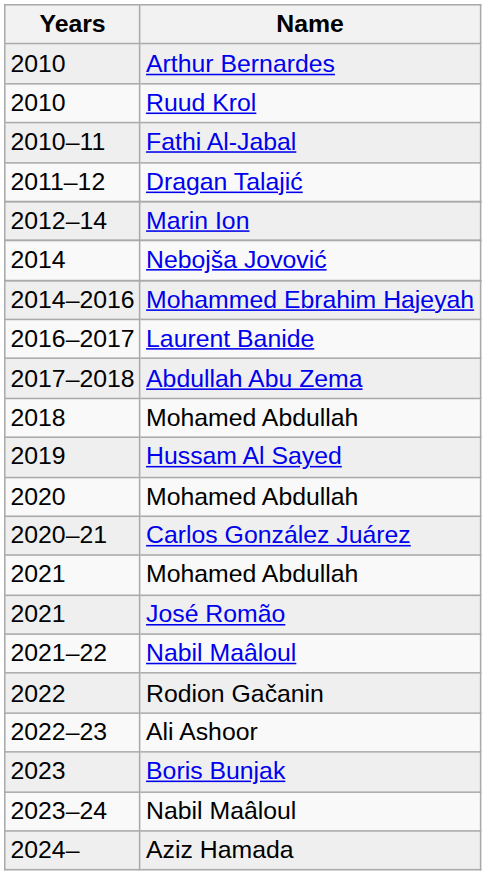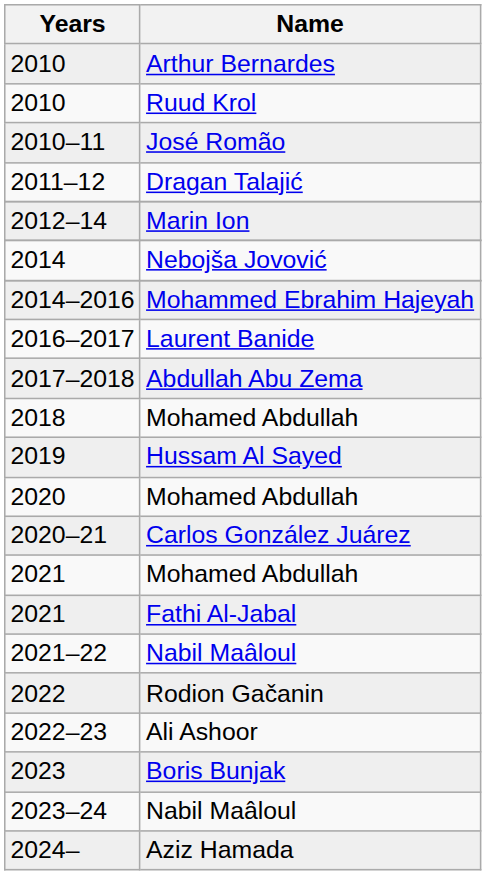 <table class="wikitable">
 <tr>
 <th>Years</th>
 <th>Name</th>
 </tr>
 <tr bgcolor="#EFEFEF">
 <td>2010</td>
 <td> <a href='#'>Arthur Bernardes</a></td>
 </tr>
 <tr>
 <td>2010</td>
 <td> <a href='#'>Ruud Krol</a></td>
 </tr>
 <tr bgcolor="#EFEFEF">
 <td>2010–11</td>
-<td> <a href='#'>Fathi Al-Jabal</a></td>
+<td> <a href='#'>José Romão</a></td>
 </tr>
 <tr>
 <td>2011–12</td>
 <td> <a href='#'>Dragan Talajić</a></td>
 </tr>
 <tr>
 </tr>
 <tr bgcolor="#EFEFEF">
 <td>2012–14</td>
 <td> <a href='#'>Marin Ion</a></td>
 </tr>
 <tr>
 </tr>
 <tr>
 <td>2014</td>
 <td> <a href='#'>Nebojša Jovović</a></td>
 </tr>
 <tr>
 </tr>
 <tr bgcolor="#EFEFEF">
 <td>2014–2016</td>
 <td> <a href='#'>Mohammed Ebrahim Hajeyah</a></td>
 </tr>
 <tr>
 <td>2016–2017</td>
 <td> <a href='#'>Laurent Banide</a></td>
 </tr>
 <tr bgcolor="#EFEFEF">
 <td>2017–2018</td>
 <td> <a href='#'>Abdullah Abu Zema</a></td>
 </tr>
 <tr>
 <td>2018</td>
 <td> Mohamed Abdullah</td>
 </tr>
 <tr bgcolor="#EFEFEF">
 <td>2019</td>
 <td> <a href='#'>Hussam Al Sayed</a></td>
 </tr>
 <tr>
 <td>2020</td>
 <td> Mohamed Abdullah</td>
 </tr>
 <tr bgcolor="#EFEFEF">
 <td>2020–21</td>
 <td> <a href='#'>Carlos González Juárez</a></td>
 </tr>
 <tr>
 <td>2021</td>
 <td> Mohamed Abdullah</td>
 </tr>
 <tr bgcolor="#EFEFEF">
 <td>2021</td>
-<td> <a href='#'>José Romão</a></td>
+<td> <a href='#'>Fathi Al-Jabal</a></td>
 </tr>
 <tr>
 <td>2021–22</td>
 <td> <a href='#'>Nabil Maâloul</a></td>
 </tr>
 <tr bgcolor="#EFEFEF">
 <td>2022</td>
 <td> Rodion Gačanin</td>
 </tr>
 <tr>
 <td>2022–23</td>
 <td> Ali Ashoor</td>
 </tr>
 <tr bgcolor="#EFEFEF">
 <td>2023</td>
 <td> <a href='#'>Boris Bunjak</a></td>
 </tr>
 <tr>
 <td>2023–24</td>
 <td> Nabil Maâloul</td>
 </tr>
 <tr bgcolor="#EFEFEF">
 <td>2024–</td>
 <td> Aziz Hamada</td>
 </tr>
 </table>
